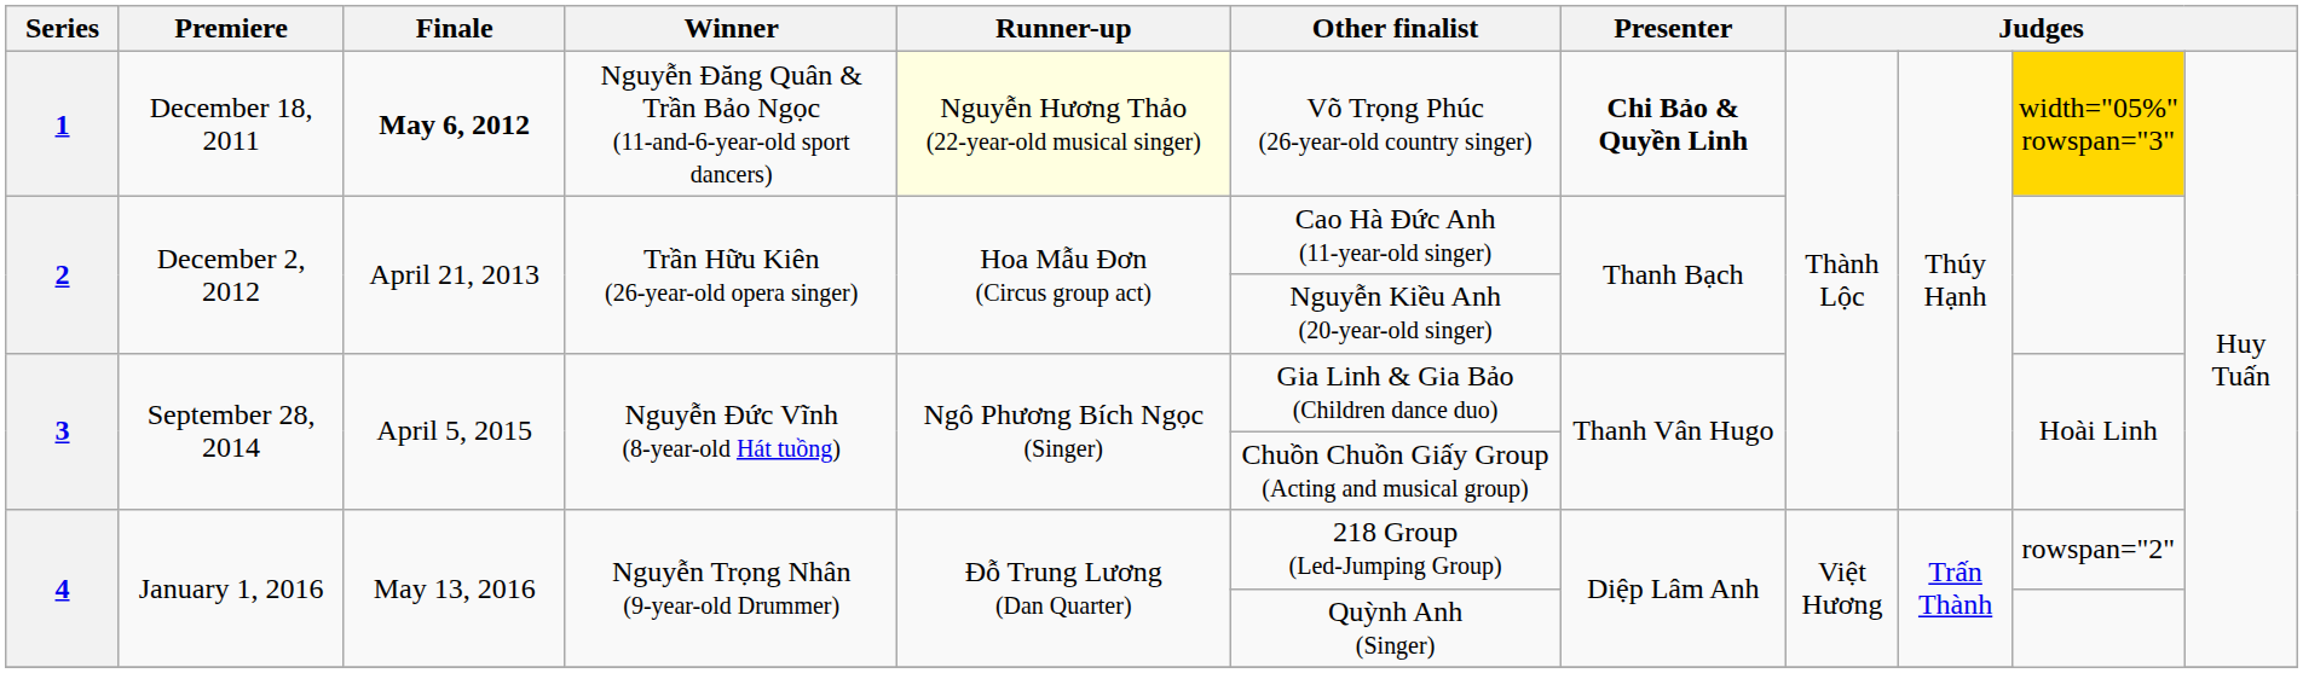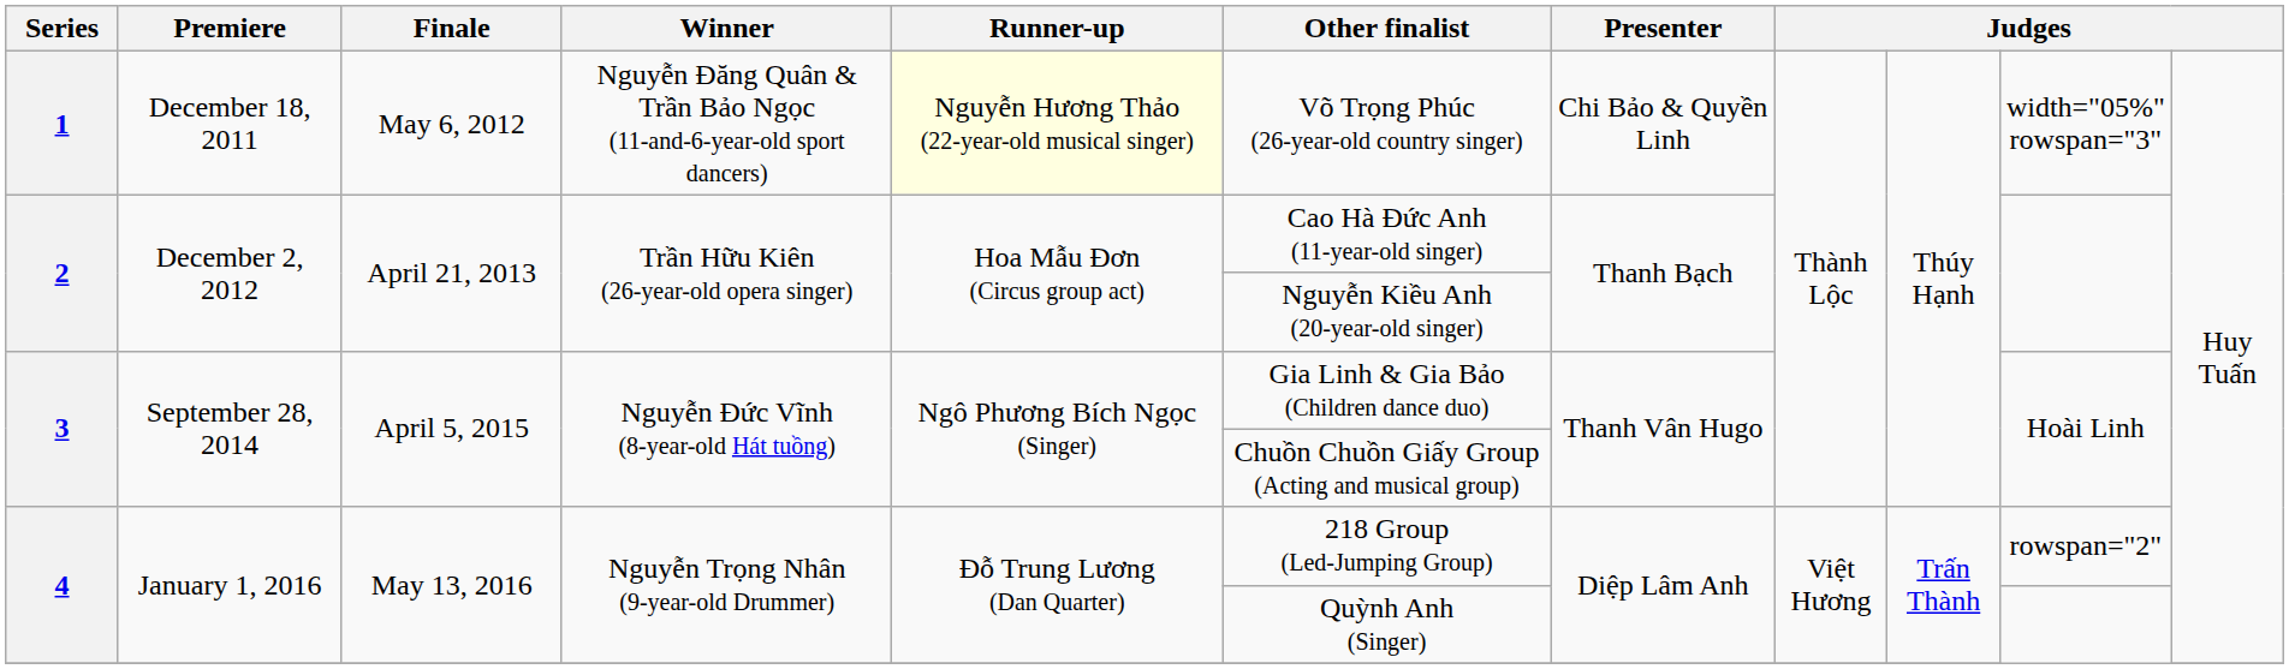 <table class="wikitable" style="text-align:center; width:100%;">
 <tr>
 <th width="05%">Series</th>
 <th width="10%">Premiere</th>
 <th width="10%">Finale</th>
 <th width="15%">Winner</th>
 <th width="15%">Runner-up</th>
 <th width="15%">Other finalist</th>
 <th width="10%">Presenter</th>
 <th colspan="4">Judges</th>
 </tr>
 <tr>
 <th scope=row><a href='#'>1</a></th>
 <td>December 18, 2011</td>
-<td><strong>May 6, 2012</strong></td>
+<td>May 6, 2012</td>
 <td>Nguyễn Đăng Quân & Trần Bảo Ngọc <br><small>(11-and-6-year-old sport dancers)</small></td>
 <td style="background: lightyellow;">Nguyễn Hương Thảo <br><small>(22-year-old musical singer)</small></td>
 <td>Võ Trọng Phúc <br><small>(26-year-old country singer)</small></td>
-<td><strong>Chi Bảo & Quyền Linh</strong></td>
+<td>Chi Bảo & Quyền Linh</td>
 <td rowspan="5" width="05%">Thành Lộc</td>
 <td rowspan="5" width="05%">Thúy Hạnh</td>
-<td style="background: gold;">width="05%" rowspan="3" </td>
+<td>width="05%" rowspan="3" </td>
 <td width="05%" rowspan="7">Huy Tuấn</td>
 </tr>
 <tr>
 <th scope="row" rowspan="2"><a href='#'>2</a></th>
 <td rowspan="2">December 2, 2012</td>
 <td rowspan="2">April 21, 2013</td>
 <td rowspan="2">Trần Hữu Kiên <br><small>(26-year-old opera singer)</small></td>
 <td rowspan="2">Hoa Mẫu Đơn <br><small>(Circus group act)</small></td>
 <td>Cao Hà Đức Anh <br><small>(11-year-old singer)</small></td>
 <td rowspan="2">Thanh Bạch</td>
 </tr>
 <tr>
 <td>Nguyễn Kiều Anh <br><small>(20-year-old singer)</small></td>
 </tr>
 <tr>
 <th scope="row" rowspan="2"><a href='#'>3</a></th>
 <td rowspan="2">September 28, 2014</td>
 <td rowspan="2">April 5, 2015</td>
 <td rowspan="2">Nguyễn Đức Vĩnh <br><small>(8-year-old <a href='#'>Hát tuồng</a>)</small></td>
 <td rowspan="2">Ngô Phương Bích Ngọc <br><small>(Singer)</small></td>
 <td>Gia Linh & Gia Bảo <br><small>(Children dance duo)</small></td>
 <td rowspan="2">Thanh Vân Hugo</td>
 <td rowspan="2">Hoài Linh</td>
 </tr>
 <tr>
 <td>Chuồn Chuồn Giấy Group <br><small>(Acting and musical group)</small></td>
 </tr>
 <tr>
 <th scope="row" rowspan="2"><a href='#'>4</a></th>
 <td rowspan="2">January 1, 2016</td>
 <td rowspan="2">May 13, 2016</td>
 <td rowspan="2">Nguyễn Trọng Nhân <br><small>(9-year-old Drummer)</small></td>
 <td rowspan="2">Đỗ Trung Lương <br><small>(Dan Quarter)</small></td>
 <td>218 Group <br><small>(Led-Jumping Group)</small></td>
 <td rowspan="2">Diệp Lâm Anh</td>
 <td rowspan="2">Việt Hương</td>
 <td rowspan="2"><a href='#'>Trấn Thành</a></td>
 <td>rowspan="2" </td>
 </tr>
 <tr>
 <td>Quỳnh Anh <br><small>(Singer)</small></td>
 </tr>
 <tr>
 </tr>
 </table>
